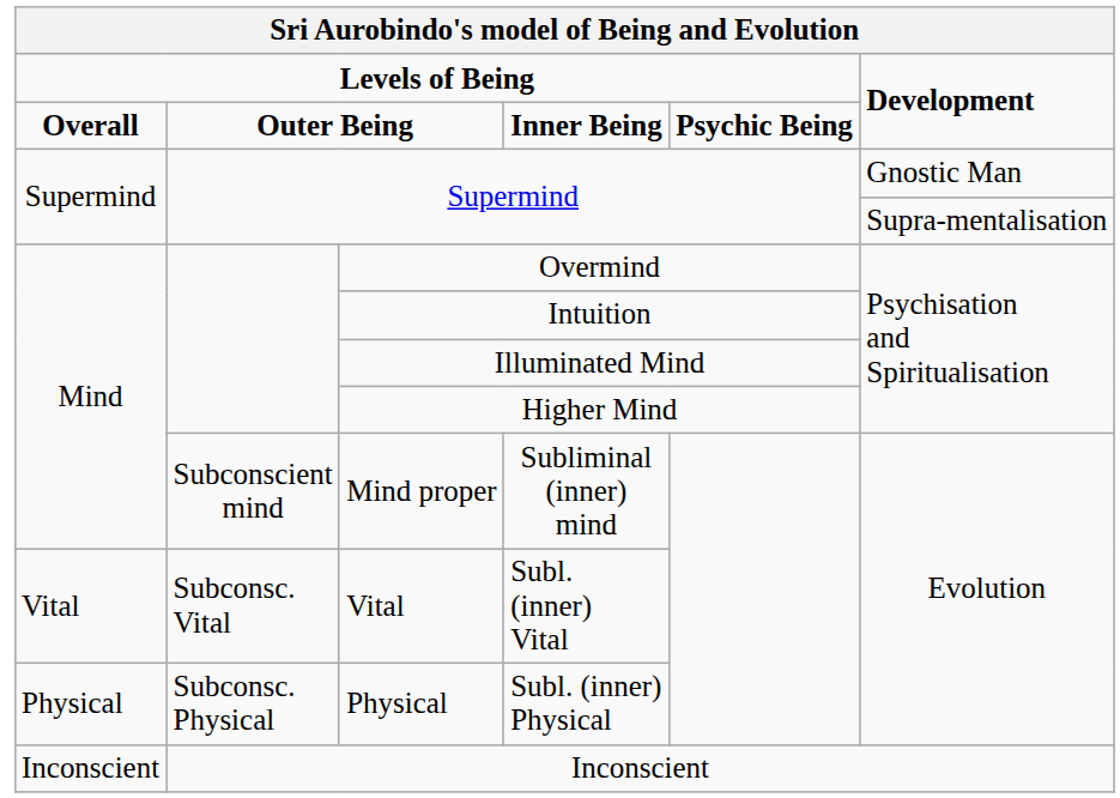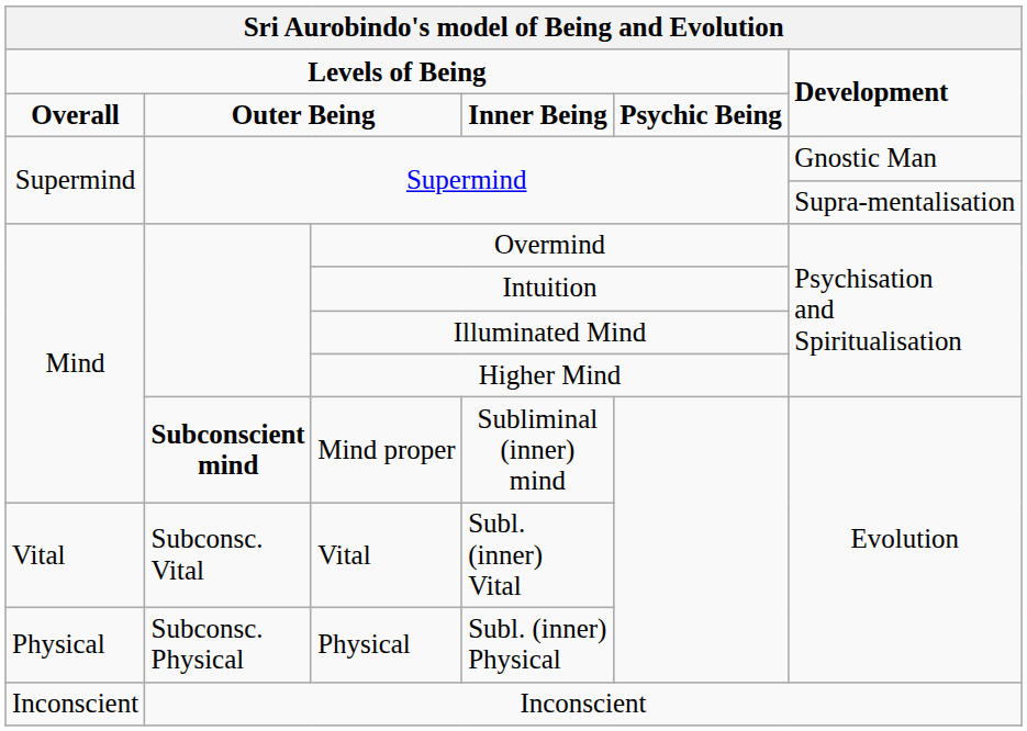 <table class="wikitable collapsible collapsed" style="float:right;">
 <tr>
 <th colspan=6>Sri Aurobindo's model of Being and Evolution</th>
 </tr>
 <tr>
 <td colspan="5" style="text-align:center;"><strong>Levels of Being</strong></td>
 <td rowspan=2><strong>Development</strong></td>
 </tr>
 <tr>
 <td style="text-align:center;"><strong>Overall</strong></td>
 <td style="text-align:center;" colspan="2"><strong>Outer Being</strong></td>
 <td style="text-align:center;"><strong>Inner Being</strong></td>
 <td style="text-align:center;"><strong>Psychic Being</strong></td>
 </tr>
 <tr>
 <td Sri aurobindo-overall rowspan="2" style="text-align:center;">Supermind</td>
 <td Sri aurobindo-oip rowspan="2" colspan="4" style="text-align:center;"><a href='#'>Supermind</a></td>
 <td Sri Aurobindo-Development>Gnostic Man</td>
 </tr>
 <tr>
 <td Sri Aurobindo-Development>Supra-mentalisation</td>
 </tr>
 <tr>
 <td Sri aurobindo-overall rowspan="5" style="text-align:center;">Mind</td>
 <td Sri aurobindo-outer rowspan="4"></td>
 <td Sri aurobindo-ip colspan="3" style="text-align:center;">Overmind</td>
 <td Aurobindo-Development rowspan=4>Psychisation<br>and<br>Spiritualisation</td>
 </tr>
 <tr>
 <td aurobindo-ip colspan="3" style="text-align:center;">Intuition</td>
 </tr>
 <tr>
 <td aurobindo-ip colspan="3" style="text-align:center;">Illuminated Mind</td>
 </tr>
 <tr>
 <td aurobindo-ip colspan="3" style="text-align:center;">Higher Mind</td>
 </tr>
 <tr>
-<td aurobindo-sub style="text-align:center;">Subconscient<br>mind</td>
+<td aurobindo-sub style="text-align:center;"><strong>Subconscient<br>mind</strong></td>
 <td aurobindo-outer style="text-align:center;">Mind proper</td>
 <td aurobindo-i style="text-align:center;">Subliminal<br>(inner)<br>mind</td>
 <td Aurobindo-P rowspan=3></td>
 <td aurobindo-d rowspan="3" style="text-align:center;">Evolution</td>
 </tr>
 <tr>
 <td Aurobindo-Overall>Vital</td>
 <td Aurobindo-Sub>Subconsc.<br>Vital</td>
 <td Aurobindo-Outer>Vital</td>
 <td aurobindo-inner>Subl.<br>(inner)<br>Vital</td>
 </tr>
 <tr>
 <td Aurobindo-Overall>Physical</td>
 <td Aurobindo-sub>Subconsc.<br>Physical</td>
 <td Aurobindo-Outer>Physical</td>
 <td aurobindo-inner>Subl. (inner)<br>Physical</td>
 </tr>
 <tr>
 <td Aurobindo-Overall>Inconscient</td>
 <td aurobindo-soip colspan="5" style="text-align:center;">Inconscient</td>
 </tr>
 </table>
